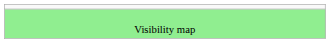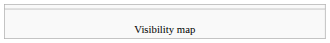 <table class=wikitable width=480>
 <tr>
 <td> </td>
 </tr>
 <tr align=center>
-<td style="background: lightgreen;"><br>Visibility map</td>
+<td><br>Visibility map</td>
 </tr>
 </table>
